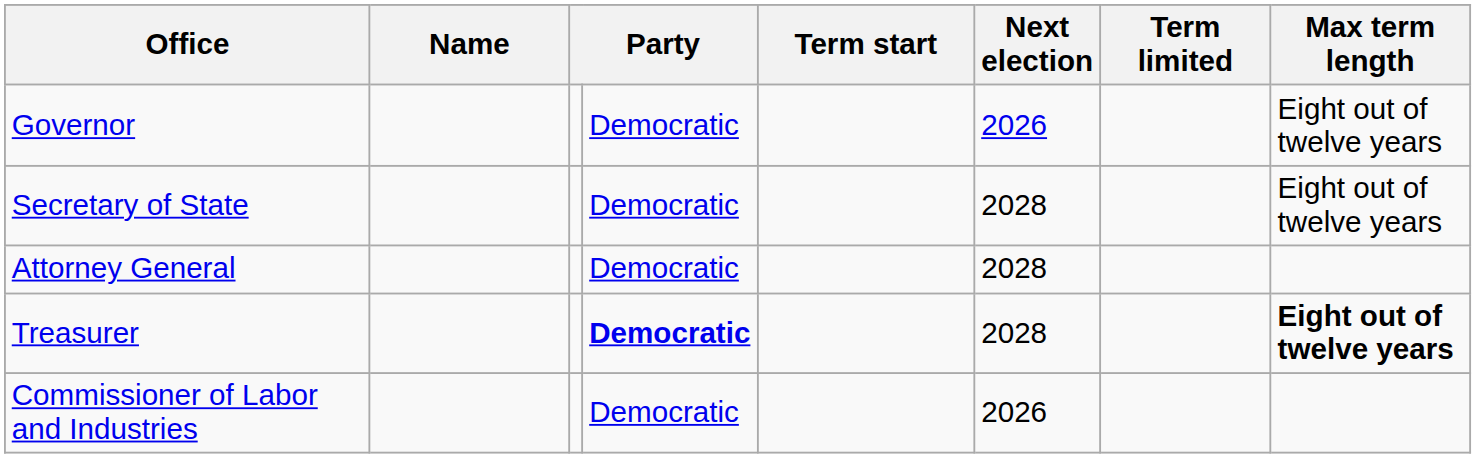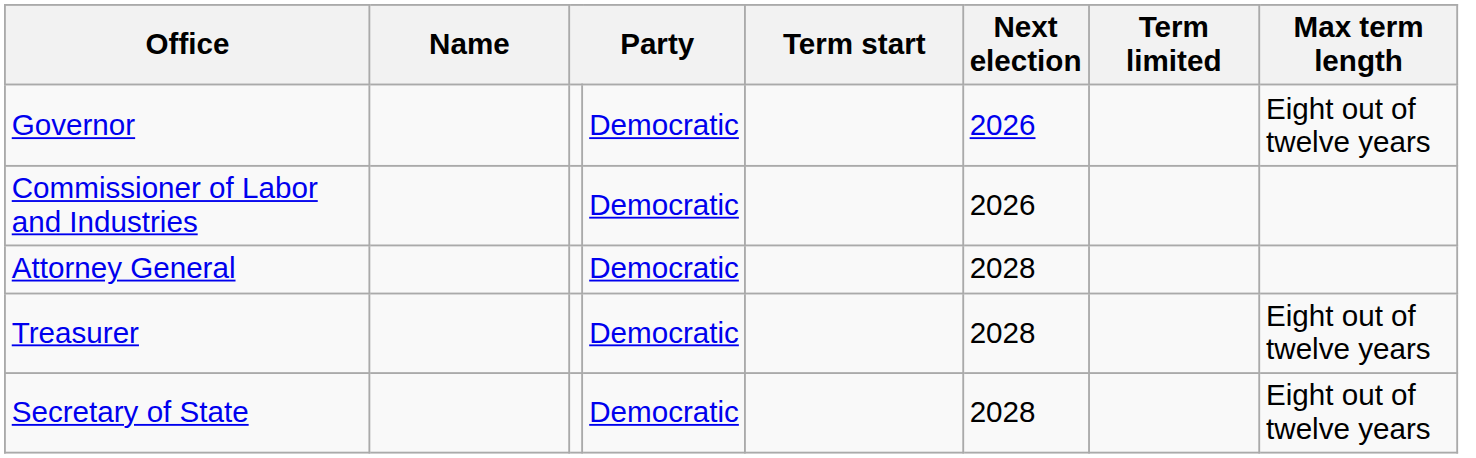 <table class="sortable wikitable">
 <tr>
 <th scope="col" width=190>Office</th>
 <th scope="col" width=100>Name</th>
 <th scope="col" width=75 colspan=2>Party</th>
 <th scope="col" width=110>Term start</th>
 <th scope="col" width=50>Next election</th>
 <th scope="col" width=85>Term limited</th>
 <th scope="col" width=100>Max term length</th>
 </tr>
 <tr>
 <td><a href='#'>Governor</a></td>
 <td></td>
 <td style="background-color:"></td>
 <td><a href='#'>Democratic</a></td>
 <td></td>
 <td><a href='#'>2026</a></td>
 <td></td>
 <td>Eight out of twelve years</td>
 </tr>
 <tr>
-<td><a href='#'>Secretary of State</a></td>
+<td><a href='#'>Commissioner of Labor and Industries</a></td>
 <td></td>
 <td style="background-color:"></td>
 <td><a href='#'>Democratic</a></td>
 <td></td>
-<td>2028</td>
+<td>2026</td>
 <td></td>
-<td>Eight out of twelve years</td>
+<td></td>
 </tr>
 <tr>
 <td><a href='#'>Attorney General</a></td>
 <td></td>
 <td style="background-color:"></td>
 <td><a href='#'>Democratic</a></td>
 <td></td>
 <td>2028</td>
 <td></td>
 <td></td>
 </tr>
 <tr>
 <td><a href='#'>Treasurer</a></td>
 <td></td>
 <td style="background-color:"></td>
-<td><strong><a href='#'>Democratic</a></strong></td>
+<td><a href='#'>Democratic</a></td>
 <td></td>
 <td>2028</td>
 <td></td>
-<td><strong>Eight out of twelve years</strong></td>
+<td>Eight out of twelve years</td>
 </tr>
 <tr>
-<td><a href='#'>Commissioner of Labor and Industries</a></td>
+<td><a href='#'>Secretary of State</a></td>
 <td></td>
 <td style="background-color:"></td>
 <td><a href='#'>Democratic</a></td>
 <td></td>
-<td>2026</td>
+<td>2028</td>
 <td></td>
-<td></td>
+<td>Eight out of twelve years</td>
 </tr>
 </table>
